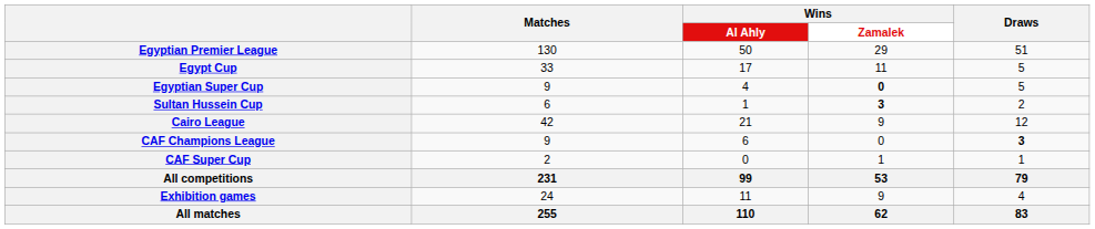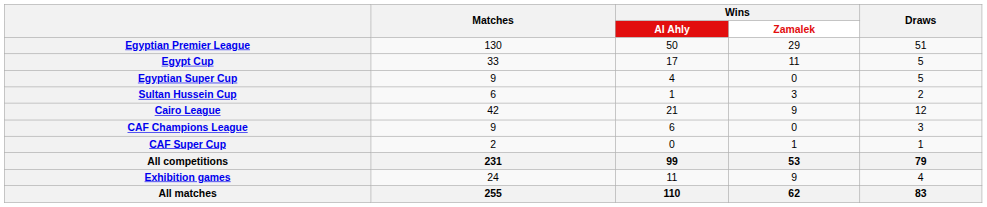 <table class="wikitable sortable" style="text-align:center; width:95%">
 <tr>
 <th rowspan="2"  style="width:15%;"></th>
 <th rowspan="2"  style="width:10%;">Matches</th>
 <th colspan="2"  style="width:10%;">Wins</th>
 <th rowspan="2"  style="width:5%;">Draws</th>
 </tr>
 <tr>
 <th style="background-color:#E20E0E; color:#FFFFFF">Al Ahly</th>
 <th style="background-color:#fff; color:#E20E0E">Zamalek</th>
 </tr>
 <tr>
 <th scope=row><a href='#'>Egyptian Premier League</a></th>
 <td>130</td>
 <td>50</td>
 <td>29</td>
 <td>51</td>
 </tr>
 <tr>
 <th scope=row><a href='#'>Egypt Cup</a></th>
 <td>33</td>
 <td>17</td>
 <td>11</td>
 <td>5</td>
 </tr>
 <tr>
 <th scope=row><a href='#'>Egyptian Super Cup</a></th>
 <td>9</td>
 <td>4</td>
-<td><strong>0</strong></td>
+<td>0</td>
 <td>5</td>
 </tr>
 <tr>
 <th scope=row><a href='#'>Sultan Hussein Cup</a></th>
 <td>6</td>
 <td>1</td>
-<td><strong>3</strong></td>
+<td>3</td>
 <td>2</td>
 </tr>
 <tr>
 <th scope=row><a href='#'>Cairo League</a></th>
 <td>42</td>
 <td>21</td>
 <td>9</td>
 <td>12</td>
 </tr>
 <tr>
 <th scope=row><a href='#'>CAF Champions League</a></th>
 <td>9</td>
 <td>6</td>
 <td>0</td>
-<td><strong>3</strong></td>
+<td>3</td>
 </tr>
 <tr>
 <th scope=row><a href='#'>CAF Super Cup</a></th>
 <td>2</td>
 <td>0</td>
 <td>1</td>
 <td>1</td>
 </tr>
 <tr>
 <th scope=row>All competitions</th>
 <th>231</th>
 <th>99</th>
 <th>53</th>
 <th>79</th>
 </tr>
 <tr>
 <th scope=row><a href='#'>Exhibition games</a></th>
 <td>24</td>
 <td>11</td>
 <td>9</td>
 <td>4</td>
 </tr>
 <tr>
 <th scope=row>All matches</th>
 <th scope=row>255</th>
 <th>110</th>
 <th>62</th>
 <th>83</th>
 </tr>
 </table>
